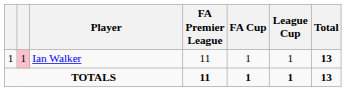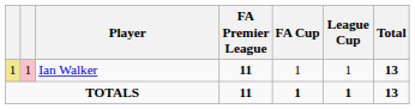 <table class="wikitable sortable" style="font-size: 95%; text-align: center;">
 <tr>
 <th width=10></th>
 <th width=10></th>
 <th width=200>Player</th>
 <th width=50>FA Premier League</th>
 <th width=50>FA Cup</th>
 <th width=50>League Cup</th>
 <th>Total</th>
 </tr>
 <tr>
-<td>1</td>
+<td style="background: khaki;">1</td>
 <td style="background: pink;">1</td>
 <td align="left"> <a href='#'>Ian Walker</a></td>
-<td>11</td>
+<td><strong>11</strong></td>
 <td>1</td>
 <td>1</td>
 <td><strong>13</strong></td>
 </tr>
 <tr>
 <td colspan="3"><strong>TOTALS</strong></td>
 <td><strong>11</strong></td>
 <td><strong>1</strong></td>
 <td><strong>1</strong></td>
 <td><strong>13</strong></td>
 </tr>
 </table>
